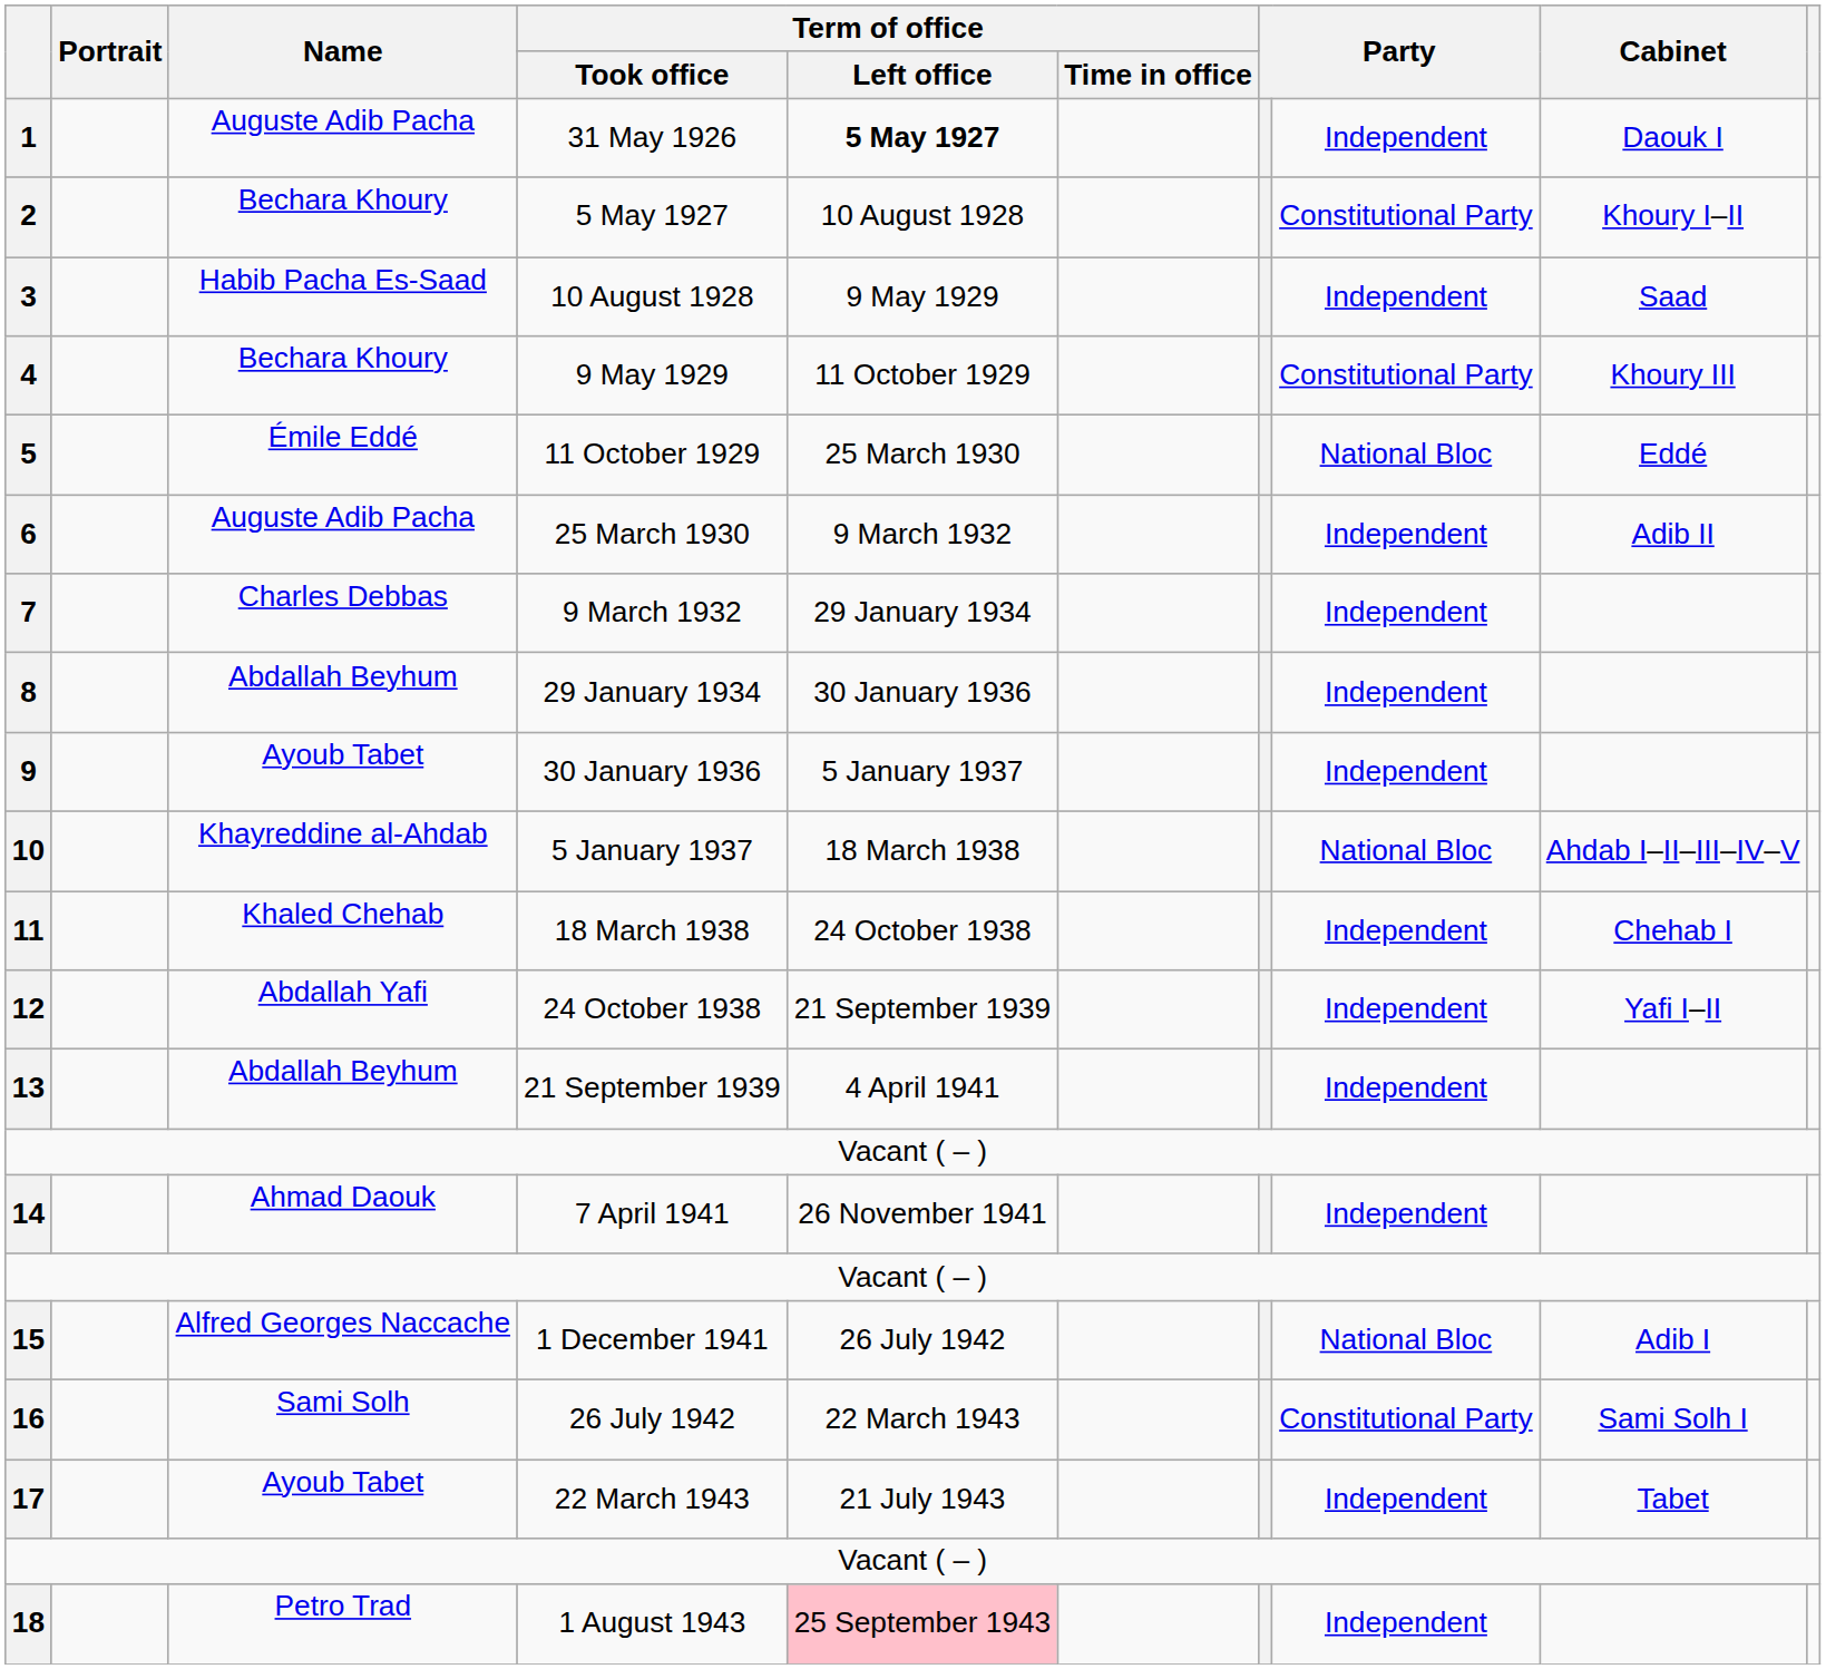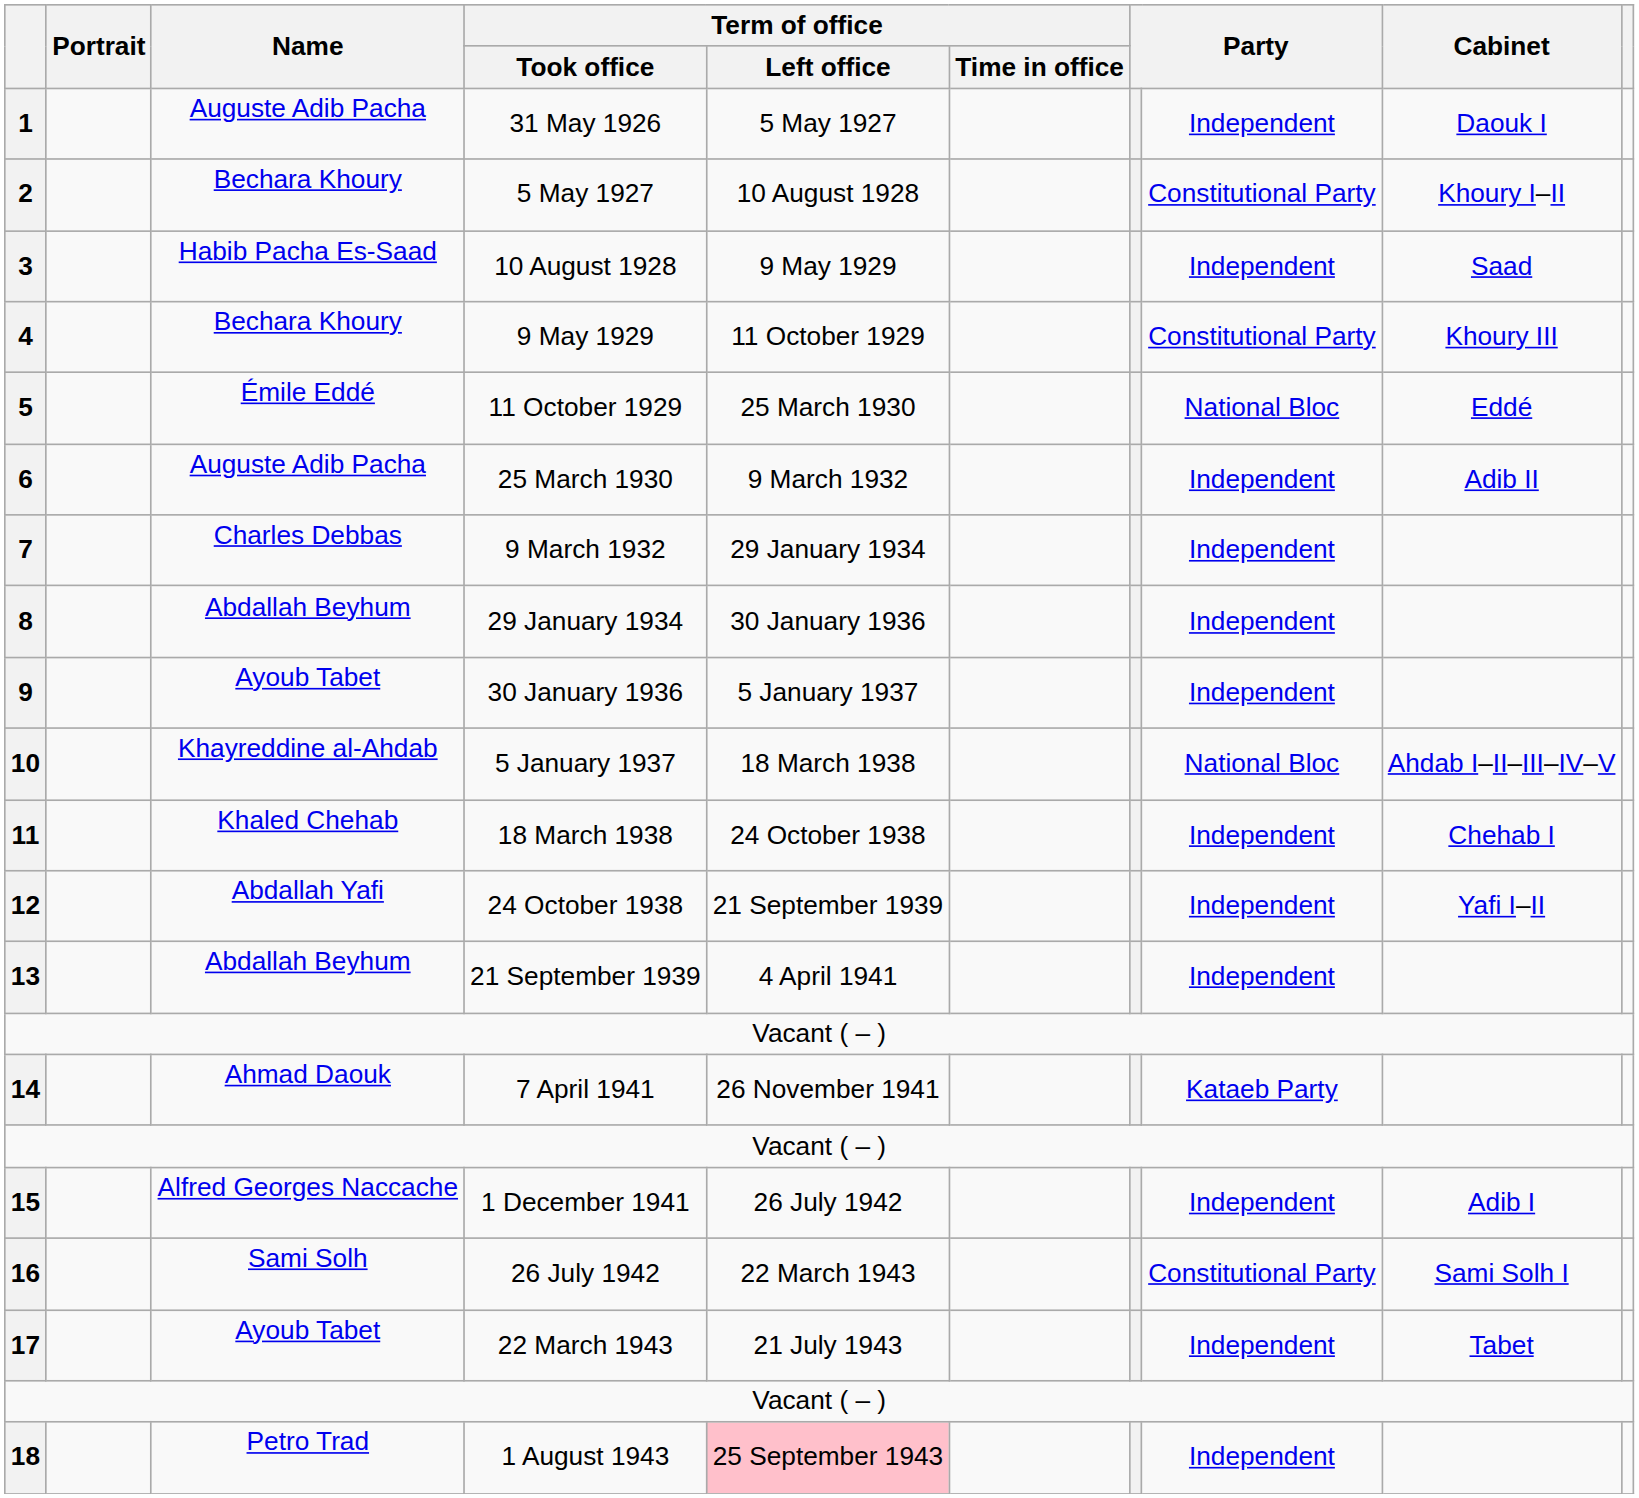 <table class="wikitable" style="text-align:center">
 <tr>
 <th rowspan=2></th>
 <th rowspan=2>Portrait</th>
 <th rowspan=2>Name<br></th>
 <th colspan=3>Term of office</th>
 <th colspan=2 rowspan=2>Party</th>
 <th rowspan=2>Cabinet</th>
 <th rowspan=2></th>
 </tr>
 <tr>
 <th>Took office</th>
 <th>Left office</th>
 <th>Time in office</th>
 </tr>
 <tr>
 <th>1</th>
 <td></td>
 <td><a href='#'>Auguste Adib Pacha</a><br><br></td>
 <td>31 May 1926</td>
-<td><strong>5 May 1927</strong></td>
+<td>5 May 1927</td>
 <td></td>
 <th style="background:"></th>
 <td><a href='#'>Independent</a></td>
 <td><a href='#'>Daouk I</a></td>
 <td></td>
 </tr>
 <tr>
 <th>2</th>
 <td></td>
 <td><a href='#'>Bechara Khoury</a><br><br></td>
 <td>5 May 1927</td>
 <td>10 August 1928</td>
 <td></td>
 <th style="background:"></th>
 <td><a href='#'>Constitutional Party</a></td>
 <td><a href='#'>Khoury I</a>–<a href='#'>II</a></td>
 <td></td>
 </tr>
 <tr>
 <th>3</th>
 <td></td>
 <td><a href='#'>Habib Pacha Es-Saad</a><br><br></td>
 <td>10 August 1928</td>
 <td>9 May 1929</td>
 <td></td>
 <th style="background:"></th>
 <td><a href='#'>Independent</a></td>
 <td><a href='#'>Saad</a></td>
 <td></td>
 </tr>
 <tr>
 <th>4</th>
 <td></td>
 <td><a href='#'>Bechara Khoury</a><br><br></td>
 <td>9 May 1929</td>
 <td>11 October 1929</td>
 <td></td>
 <th style="background:"></th>
 <td><a href='#'>Constitutional Party</a></td>
 <td><a href='#'>Khoury III</a></td>
 <td></td>
 </tr>
 <tr>
 <th>5</th>
 <td></td>
 <td><a href='#'>Émile Eddé</a><br><br></td>
 <td>11 October 1929</td>
 <td>25 March 1930</td>
 <td></td>
 <th style="background:"></th>
 <td><a href='#'>National Bloc</a></td>
 <td><a href='#'>Eddé</a></td>
 <td></td>
 </tr>
 <tr>
 <th>6</th>
 <td></td>
 <td><a href='#'>Auguste Adib Pacha</a><br><br></td>
 <td>25 March 1930</td>
 <td>9 March 1932</td>
 <td></td>
 <th style="background:"></th>
 <td><a href='#'>Independent</a></td>
 <td><a href='#'>Adib II</a></td>
 <td></td>
 </tr>
 <tr>
 <th>7</th>
 <td></td>
 <td><a href='#'>Charles Debbas</a><br><br></td>
 <td>9 March 1932</td>
 <td>29 January 1934</td>
 <td></td>
 <th style="background:"></th>
 <td><a href='#'>Independent</a></td>
 <td></td>
 <td></td>
 </tr>
 <tr>
 <th>8</th>
 <td></td>
 <td><a href='#'>Abdallah Beyhum</a><br><br></td>
 <td>29 January 1934</td>
 <td>30 January 1936</td>
 <td></td>
 <th style="background:"></th>
 <td><a href='#'>Independent</a></td>
 <td></td>
 <td></td>
 </tr>
 <tr>
 <th>9</th>
 <td></td>
 <td><a href='#'>Ayoub Tabet</a><br><br></td>
 <td>30 January 1936</td>
 <td>5 January 1937</td>
 <td></td>
 <th style="background:"></th>
 <td><a href='#'>Independent</a></td>
 <td></td>
 <td></td>
 </tr>
 <tr>
 <th>10</th>
 <td></td>
 <td><a href='#'>Khayreddine al-Ahdab</a><br><br></td>
 <td>5 January 1937</td>
 <td>18 March 1938</td>
 <td></td>
 <th style="background:"></th>
 <td><a href='#'>National Bloc</a></td>
 <td><a href='#'>Ahdab I</a>–<a href='#'>II</a>–<a href='#'>III</a>–<a href='#'>IV</a>–<a href='#'>V</a></td>
 <td></td>
 </tr>
 <tr>
 <th>11</th>
 <td></td>
 <td><a href='#'>Khaled Chehab</a><br><br></td>
 <td>18 March 1938</td>
 <td>24 October 1938</td>
 <td></td>
 <th style="background:"></th>
 <td><a href='#'>Independent</a></td>
 <td><a href='#'>Chehab I</a></td>
 <td></td>
 </tr>
 <tr>
 <th>12</th>
 <td></td>
 <td><a href='#'>Abdallah Yafi</a><br><br></td>
 <td>24 October 1938</td>
 <td>21 September 1939</td>
 <td></td>
 <th style="background:"></th>
 <td><a href='#'>Independent</a></td>
 <td><a href='#'>Yafi I</a>–<a href='#'>II</a></td>
 <td></td>
 </tr>
 <tr>
 <th>13</th>
 <td></td>
 <td><a href='#'>Abdallah Beyhum</a><br><br></td>
 <td>21 September 1939</td>
 <td>4 April 1941</td>
 <td></td>
 <th style="background:"></th>
 <td><a href='#'>Independent</a></td>
 <td></td>
 <td></td>
 </tr>
 <tr>
 <td colspan="10">Vacant ( – )</td>
 </tr>
 <tr>
 <th>14</th>
 <td></td>
 <td><a href='#'>Ahmad Daouk</a><br><br></td>
 <td>7 April 1941</td>
 <td>26 November 1941</td>
 <td></td>
 <th style="background:"></th>
-<td><a href='#'>Independent</a></td>
+<td><a href='#'>Kataeb Party</a></td>
 <td></td>
 <td></td>
 </tr>
 <tr>
 <td colspan="10">Vacant ( – )</td>
 </tr>
 <tr>
 <th>15</th>
 <td></td>
 <td><a href='#'>Alfred Georges Naccache</a><br><br></td>
 <td>1 December 1941</td>
 <td>26 July 1942</td>
 <td></td>
 <th style="background:"></th>
-<td><a href='#'>National Bloc</a></td>
+<td><a href='#'>Independent</a></td>
 <td><a href='#'>Adib I</a></td>
 <td></td>
 </tr>
 <tr>
 <th>16</th>
 <td></td>
 <td><a href='#'>Sami Solh</a><br><br></td>
 <td>26 July 1942</td>
 <td>22 March 1943</td>
 <td></td>
 <th style="background:"></th>
 <td><a href='#'>Constitutional Party</a></td>
 <td><a href='#'>Sami Solh I</a></td>
 <td></td>
 </tr>
 <tr>
 <th>17</th>
 <td></td>
 <td><a href='#'>Ayoub Tabet</a><br><br></td>
 <td>22 March 1943</td>
 <td>21 July 1943</td>
 <td></td>
 <th style="background:"></th>
 <td><a href='#'>Independent</a></td>
 <td><a href='#'>Tabet</a></td>
 <td></td>
 </tr>
 <tr>
 <td colspan="10">Vacant ( – )</td>
 </tr>
 <tr>
 <th>18</th>
 <td></td>
 <td><a href='#'>Petro Trad</a><br><br></td>
 <td>1 August 1943</td>
 <td style="background: pink;">25 September 1943</td>
 <td></td>
 <th style="background:"></th>
 <td><a href='#'>Independent</a></td>
 <td></td>
 <td></td>
 </tr>
 </table>
